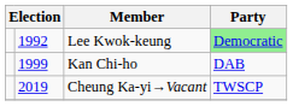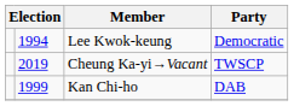 <table class="wikitable">
 <tr>
 <th colspan="2">Election</th>
 <th>Member</th>
 <th>Party</th>
 </tr>
 <tr>
 <td style="background-color:"></td>
-<td><a href='#'>1992</a></td>
+<td><a href='#'>1994</a></td>
 <td>Lee Kwok-keung</td>
-<td style="background: lightgreen;"><a href='#'>Democratic</a></td>
+<td><a href='#'>Democratic</a></td>
+</tr>
+<tr>
+<td style="background-color:"></td>
+<td><a href='#'>2019</a></td>
+<td>Cheung Ka-yi→<em>Vacant</em></td>
+<td><a href='#'>TWSCP</a></td>
 </tr>
 <tr>
 <td style="background-color:"></td>
 <td><a href='#'>1999</a></td>
 <td>Kan Chi-ho</td>
 <td><a href='#'>DAB</a></td>
 </tr>
 <tr>
-<td style="background-color:"></td>
-<td><a href='#'>2019</a></td>
-<td>Cheung Ka-yi→<em>Vacant</em></td>
-<td><a href='#'>TWSCP</a></td>
-</tr>
-<tr>
 </tr>
 </table>
